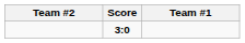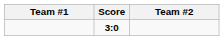 <table class="wikitable" style="text-align:center;">
 <tr>
+<th width=140>Team #1</th>
+<th width=50>Score</th>
 <th width=140>Team #2</th>
-<th width=50>Score</th>
-<th width=140>Team #1</th>
 </tr>
 <tr>
+<td style="text-align:right;"></td>
+<td><strong>3:0</strong></td>
 <td style="text-align:left;"></td>
-<td><strong>3:0</strong></td>
-<td style="text-align:right;"></td>
 </tr>
 </table>
